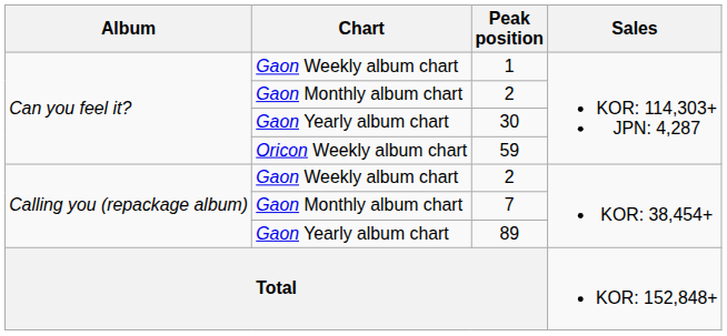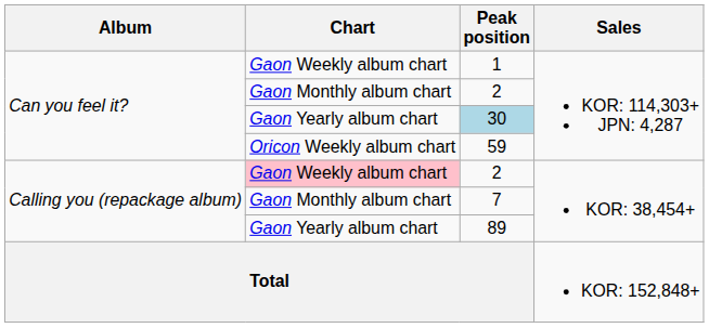 <table class="wikitable">
 <tr>
 <th>Album</th>
 <th>Chart</th>
 <th>Peak<br>position</th>
 <th style="text-align:center;">Sales</th>
 </tr>
 <tr>
 <td rowspan="4"><em>Can you feel it?</em></td>
 <td><em><a href='#'>Gaon</a></em> Weekly album chart</td>
 <td align="center">1</td>
 <td rowspan="4" align="center"><br><ul><li>KOR: 114,303+</li><li>JPN: 4,287</li></ul></td>
 </tr>
 <tr>
 <td><em><a href='#'>Gaon</a></em> Monthly album chart</td>
 <td align="center">2</td>
 </tr>
 <tr>
 <td><em><a href='#'>Gaon</a></em> Yearly album chart</td>
-<td align="center">30</td>
+<td align="center" style="background: lightblue;">30</td>
 </tr>
 <tr>
 <td><em><a href='#'>Oricon</a></em> Weekly album chart</td>
 <td align="center">59</td>
 </tr>
 <tr>
 <td rowspan="3"><em>Calling you (repackage album)</em></td>
-<td><em><a href='#'>Gaon</a></em> Weekly album chart</td>
+<td style="background: pink;"><em><a href='#'>Gaon</a></em> Weekly album chart</td>
 <td align="center">2</td>
 <td rowspan="3" align="center"><br><ul><li>KOR: 38,454+</li></ul></td>
 </tr>
 <tr>
 <td><em><a href='#'>Gaon</a></em> Monthly album chart</td>
 <td align="center">7</td>
 </tr>
 <tr>
 <td><em><a href='#'>Gaon</a></em> Yearly album chart</td>
 <td align="center">89</td>
 </tr>
 <tr>
 <th scope="row" colspan="3">Total</th>
 <td align="center"><br><ul><li>KOR: 152,848+</li></ul></td>
 </tr>
 </table>
